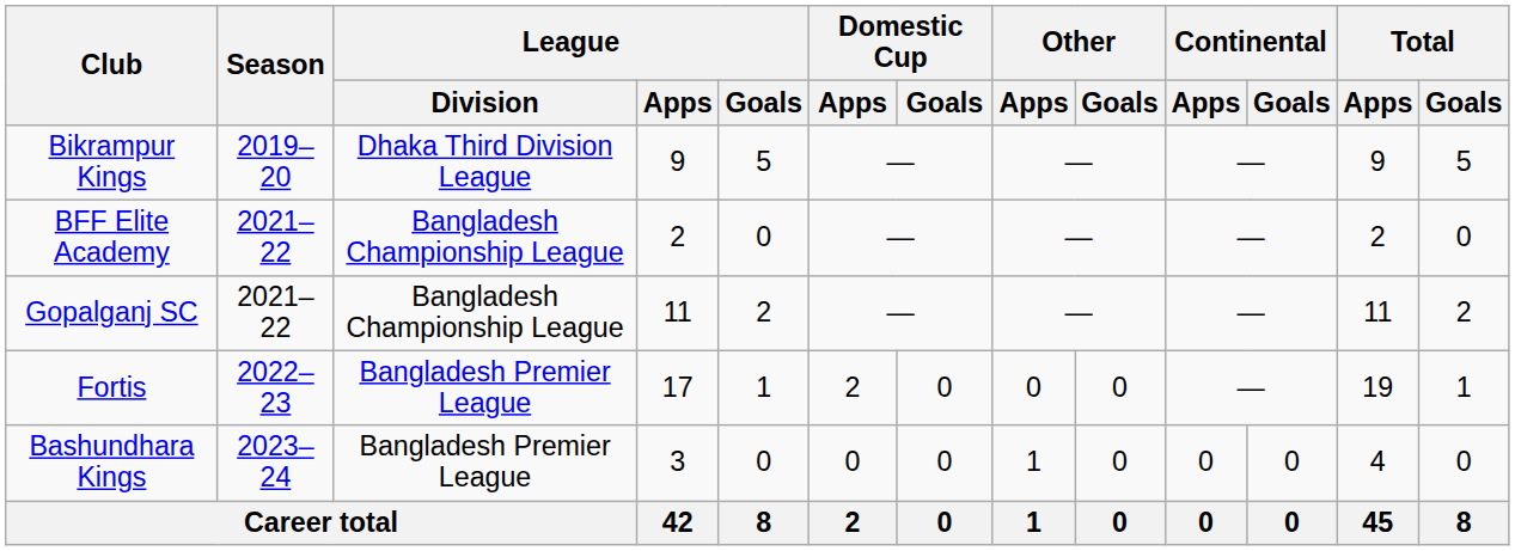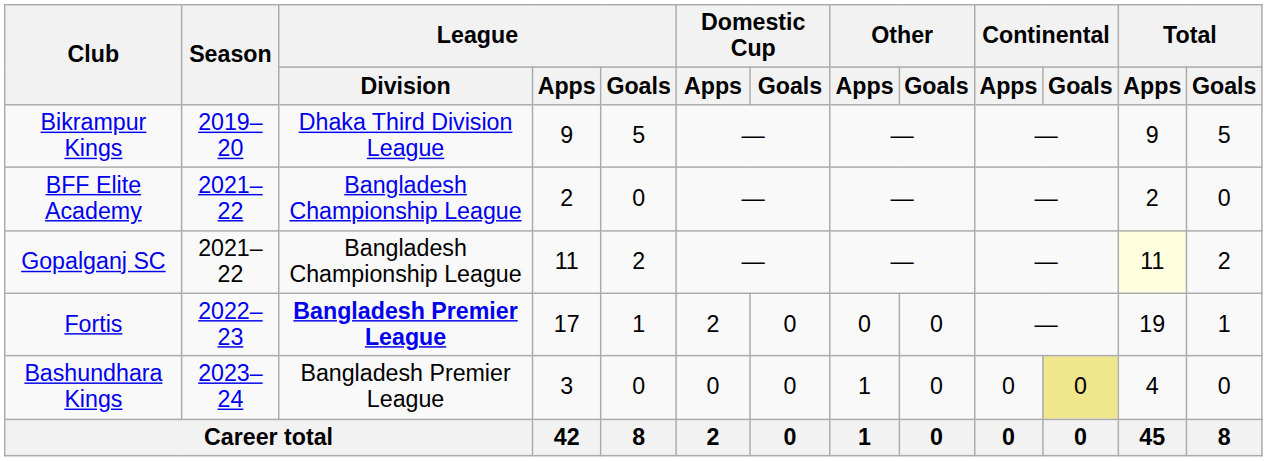 <table class="wikitable" style="text-align:center">
 <tr>
 <th rowspan="2">Club</th>
 <th rowspan="2">Season</th>
 <th colspan="3">League</th>
 <th colspan="2">Domestic Cup</th>
 <th colspan="2">Other</th>
 <th colspan="2">Continental</th>
 <th colspan="2">Total</th>
 </tr>
 <tr>
 <th>Division</th>
 <th>Apps</th>
 <th>Goals</th>
 <th>Apps</th>
 <th>Goals</th>
 <th>Apps</th>
 <th>Goals</th>
 <th>Apps</th>
 <th>Goals</th>
 <th>Apps</th>
 <th>Goals</th>
 </tr>
 <tr>
 <td><a href='#'>Bikrampur Kings</a></td>
 <td><a href='#'>2019–20</a></td>
 <td><a href='#'>Dhaka Third Division League</a></td>
 <td>9</td>
 <td>5</td>
 <td colspan="2">—</td>
 <td colspan="2">—</td>
 <td colspan="2">—</td>
 <td>9</td>
 <td>5</td>
 </tr>
 <tr>
 <td><a href='#'>BFF Elite Academy</a></td>
 <td><a href='#'>2021–22</a></td>
 <td><a href='#'>Bangladesh Championship League</a></td>
 <td>2</td>
 <td>0</td>
 <td colspan="2">—</td>
 <td colspan="2">—</td>
 <td colspan="2">—</td>
 <td>2</td>
 <td>0</td>
 </tr>
 <tr>
 <td><a href='#'>Gopalganj SC</a></td>
 <td>2021–22</td>
 <td>Bangladesh Championship League</td>
 <td>11</td>
 <td>2</td>
 <td colspan="2">—</td>
 <td colspan="2">—</td>
 <td colspan="2">—</td>
-<td>11</td>
+<td style="background: lightyellow;">11</td>
 <td>2</td>
 </tr>
 <tr>
 <td><a href='#'>Fortis</a></td>
 <td><a href='#'>2022–23</a></td>
-<td><a href='#'>Bangladesh Premier League</a></td>
+<td><strong><a href='#'>Bangladesh Premier League</a></strong></td>
 <td>17</td>
 <td>1</td>
 <td>2</td>
 <td>0</td>
 <td>0</td>
 <td>0</td>
 <td colspan="2">—</td>
 <td>19</td>
 <td>1</td>
 </tr>
 <tr>
 <td><a href='#'>Bashundhara Kings</a></td>
 <td><a href='#'>2023–24</a></td>
 <td>Bangladesh Premier League</td>
 <td>3</td>
 <td>0</td>
 <td>0</td>
 <td>0</td>
 <td>1</td>
 <td>0</td>
 <td>0</td>
-<td>0</td>
+<td style="background: khaki;">0</td>
 <td>4</td>
 <td>0</td>
 </tr>
 <tr>
 <th colspan="3">Career total</th>
 <th>42</th>
 <th>8</th>
 <th>2</th>
 <th>0</th>
 <th>1</th>
 <th>0</th>
 <th>0</th>
 <th>0</th>
 <th>45</th>
 <th>8</th>
 </tr>
 </table>
